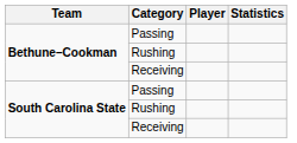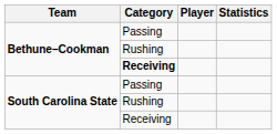 <table class="wikitable" style="float: left;">
 <tr>
 <th>Team</th>
 <th>Category</th>
 <th>Player</th>
 <th>Statistics</th>
 </tr>
 <tr>
 <td rowspan=3><strong>Bethune–Cookman</strong></td>
 <td>Passing</td>
 <td> </td>
 <td> </td>
 </tr>
 <tr>
 <td>Rushing</td>
 <td> </td>
 <td> </td>
 </tr>
 <tr>
-<td>Receiving</td>
+<td><strong>Receiving</strong></td>
 <td> </td>
 <td> </td>
 </tr>
 <tr>
 <td rowspan=3><strong>South Carolina State</strong></td>
 <td>Passing</td>
 <td> </td>
 <td> </td>
 </tr>
 <tr>
 <td>Rushing</td>
 <td> </td>
 <td> </td>
 </tr>
 <tr>
 <td>Receiving</td>
 <td> </td>
 <td> </td>
 </tr>
 </table>
